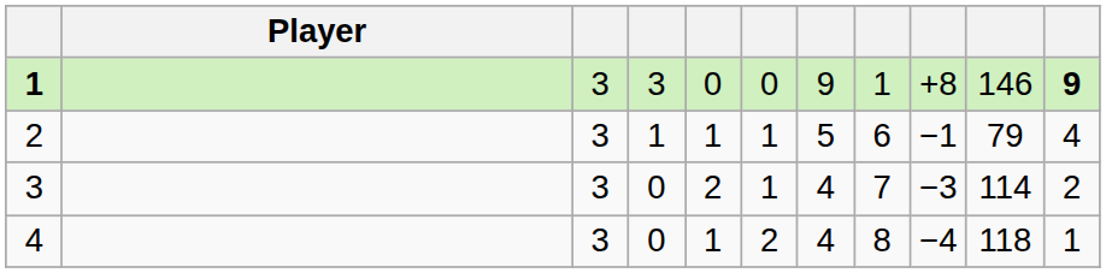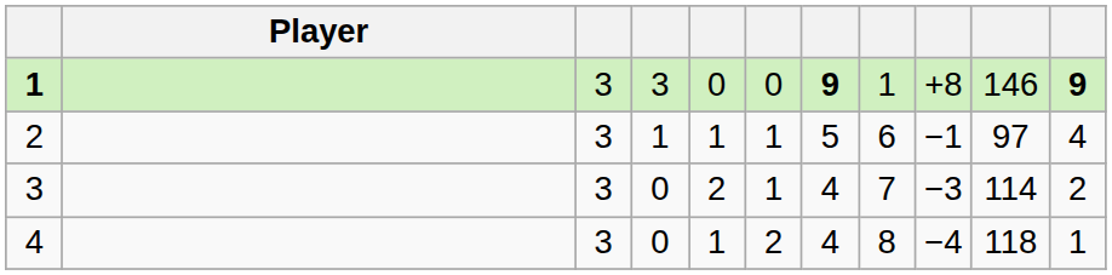 <table class="wikitable" style="text-align:center; margin: 1em auto 1em auto, align:left">
 <tr>
 <th width=20></th>
 <th width=240>Player</th>
 <th width=20></th>
 <th width=20></th>
 <th width=20></th>
 <th width=20></th>
 <th width=20></th>
 <th width=20></th>
 <th width=20></th>
 <th width=30></th>
 <th width=20></th>
 </tr>
 <tr style="background:#D0F0C0;">
 <td><strong>1</strong></td>
 <td align=left></td>
 <td>3</td>
 <td>3</td>
 <td>0</td>
 <td>0</td>
-<td>9</td>
+<td><strong>9</strong></td>
 <td>1</td>
 <td>+8</td>
 <td>146</td>
 <td><strong>9</strong></td>
 </tr>
 <tr style=>
 <td>2</td>
 <td align=left></td>
 <td>3</td>
 <td>1</td>
 <td>1</td>
 <td>1</td>
 <td>5</td>
 <td>6</td>
 <td>−1</td>
-<td>79</td>
+<td>97</td>
 <td>4</td>
 </tr>
 <tr style=>
 <td>3</td>
 <td align=left></td>
 <td>3</td>
 <td>0</td>
 <td>2</td>
 <td>1</td>
 <td>4</td>
 <td>7</td>
 <td>−3</td>
 <td>114</td>
 <td>2</td>
 </tr>
 <tr style=>
 <td>4</td>
 <td align=left></td>
 <td>3</td>
 <td>0</td>
 <td>1</td>
 <td>2</td>
 <td>4</td>
 <td>8</td>
 <td>−4</td>
 <td>118</td>
 <td>1</td>
 </tr>
 </table>
